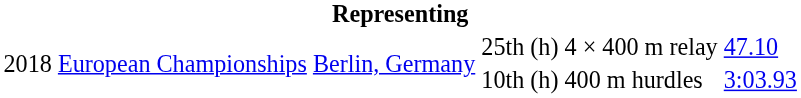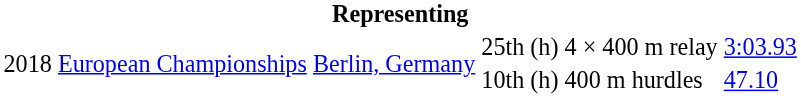 <table>
 <tr>
 <th colspan="6">Representing </th>
 </tr>
 <tr>
 <td rowspan=2>2018</td>
 <td rowspan=2><a href='#'>European Championships</a></td>
 <td rowspan=2><a href='#'>Berlin, Germany</a></td>
 <td>25th (h)</td>
 <td>4 × 400 m relay</td>
-<td><a href='#'>47.10</a></td>
+<td><a href='#'>3:03.93</a></td>
 </tr>
 <tr>
 <td>10th (h)</td>
 <td>400 m hurdles</td>
-<td><a href='#'>3:03.93</a></td>
+<td><a href='#'>47.10</a></td>
 </tr>
 </table>
